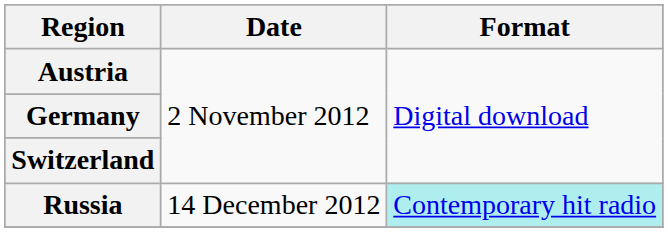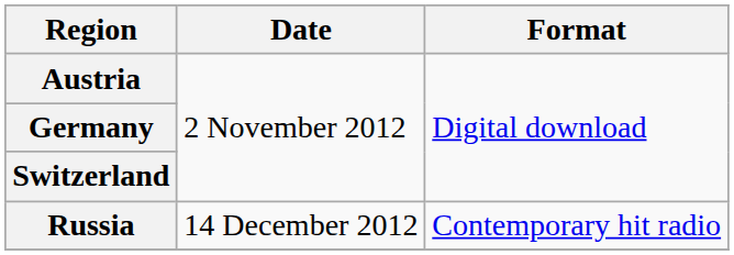 <table class="wikitable plainrowheaders">
 <tr>
 <th>Region</th>
 <th>Date</th>
 <th>Format</th>
 </tr>
 <tr>
 <th scope="row">Austria</th>
 <td rowspan="3">2 November 2012</td>
 <td rowspan="3"><a href='#'>Digital download</a></td>
 </tr>
 <tr>
 <th scope="row">Germany</th>
 </tr>
 <tr>
 <th scope="row">Switzerland</th>
 </tr>
 <tr>
 <th scope="row">Russia</th>
 <td>14 December 2012</td>
-<td style="background: paleturquoise;"><a href='#'>Contemporary hit radio</a></td>
+<td><a href='#'>Contemporary hit radio</a></td>
 </tr>
 <tr>
 </tr>
 </table>
